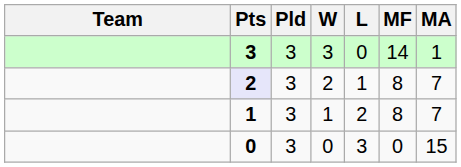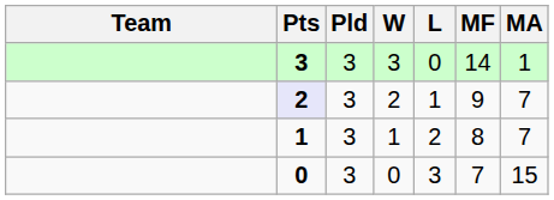 <table class=wikitable style="text-align:center">
 <tr>
 <th width=175>Team</th>
 <th width=20>Pts</th>
 <th width=20>Pld</th>
 <th width=20>W</th>
 <th width=20>L</th>
 <th width=20>MF</th>
 <th width=20>MA</th>
 </tr>
 <tr bgcolor=#ccffcc>
 <td style="text-align:left"></td>
 <td><strong>3</strong></td>
 <td>3</td>
 <td>3</td>
 <td>0</td>
 <td>14</td>
 <td>1</td>
 </tr>
 <tr>
 <td style="text-align:left"></td>
 <td style="background: lavender;"><strong>2</strong></td>
 <td>3</td>
 <td>2</td>
 <td>1</td>
-<td>8</td>
+<td>9</td>
 <td>7</td>
 </tr>
 <tr>
 <td style="text-align:left"></td>
 <td><strong>1</strong></td>
 <td>3</td>
 <td>1</td>
 <td>2</td>
 <td>8</td>
 <td>7</td>
 </tr>
 <tr>
 <td style="text-align:left"></td>
 <td><strong>0</strong></td>
 <td>3</td>
 <td>0</td>
 <td>3</td>
-<td>0</td>
+<td>7</td>
 <td>15</td>
 </tr>
 </table>
